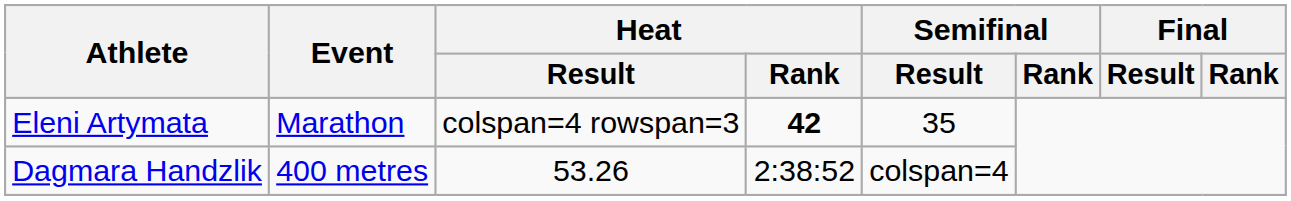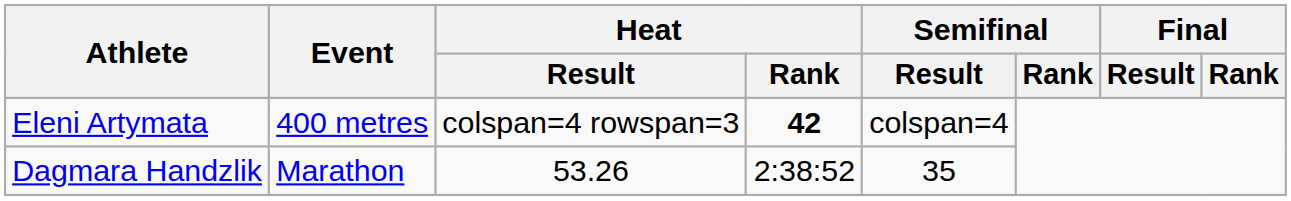 <table class=wikitable style=font-size:90%>
 <tr>
 <th rowspan=2>Athlete</th>
 <th rowspan=2>Event</th>
 <th colspan=2>Heat</th>
 <th colspan=2>Semifinal</th>
 <th colspan=2>Final</th>
 </tr>
 <tr style=font-size:95%>
 <th>Result</th>
 <th>Rank</th>
 <th>Result</th>
 <th>Rank</th>
 <th>Result</th>
 <th>Rank</th>
 </tr>
 <tr align=center>
 <td align=left><a href='#'>Eleni Artymata</a></td>
-<td align=left><a href='#'>Marathon</a></td>
+<td align=left><a href='#'>400 metres</a></td>
 <td>colspan=4 rowspan=3 </td>
 <td><strong>42</strong></td>
-<td>35</td>
+<td>colspan=4 </td>
 </tr>
 <tr align=center>
 <td align=left><a href='#'>Dagmara Handzlik</a></td>
-<td align=left><a href='#'>400 metres</a></td>
+<td align=left><a href='#'>Marathon</a></td>
 <td>53.26</td>
 <td>2:38:52 <strong></strong></td>
-<td>colspan=4 </td>
+<td>35</td>
 </tr>
 </table>
